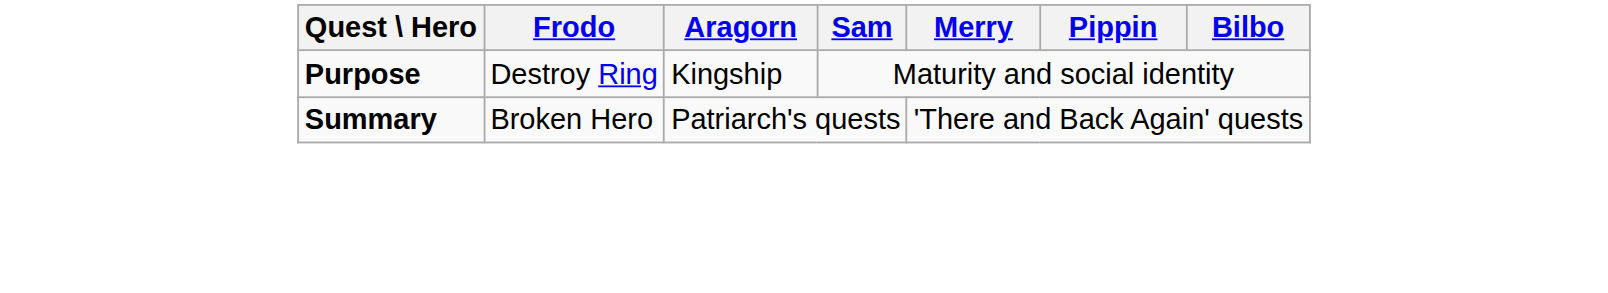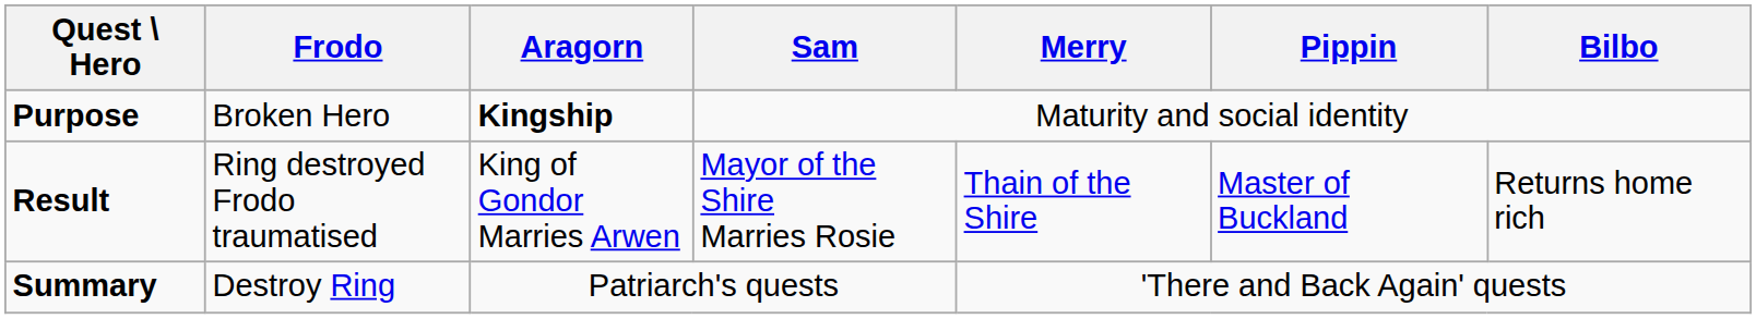 <table class="wikitable" style="margin-left: auto; margin-right: auto; border: none">
 <tr>
 <th>Quest \ Hero</th>
 <th><a href='#'>Frodo</a></th>
 <th><a href='#'>Aragorn</a></th>
 <th><a href='#'>Sam</a></th>
 <th><a href='#'>Merry</a></th>
 <th><a href='#'>Pippin</a></th>
 <th><a href='#'>Bilbo</a></th>
 </tr>
 <tr>
 <td><strong>Purpose</strong></td>
-<td>Destroy <a href='#'>Ring</a></td>
-<td>Kingship</td>
+<td>Broken Hero</td>
+<td><strong>Kingship</strong></td>
 <td colspan=4 style=text-align:center;>Maturity and social identity</td>
 </tr>
 <tr>
+<td><strong>Result</strong></td>
+<td>Ring destroyed<br>Frodo traumatised</td>
+<td>King of <a href='#'>Gondor</a><br>Marries <a href='#'>Arwen</a></td>
+<td><a href='#'>Mayor of the Shire</a><br>Marries Rosie</td>
+<td><a href='#'>Thain of the Shire</a></td>
+<td><a href='#'>Master of Buckland</a></td>
+<td>Returns home rich</td>
+</tr>
+<tr>
 <td><strong>Summary</strong></td>
-<td>Broken Hero</td>
+<td>Destroy <a href='#'>Ring</a></td>
 <td colspan=2; style=text-align:center;>Patriarch's quests</td>
 <td colspan=3 style=text-align:center;>'There and Back Again' quests</td>
 </tr>
 </table>
